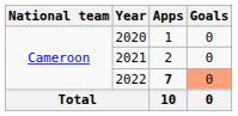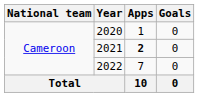 <table class="wikitable" style="text-align:center">
 <tr>
 <th>National team</th>
 <th>Year</th>
 <th>Apps</th>
 <th>Goals</th>
 </tr>
 <tr>
 <td rowspan="3"><a href='#'>Cameroon</a></td>
 <td>2020</td>
 <td>1</td>
 <td>0</td>
 </tr>
 <tr>
 <td>2021</td>
-<td>2</td>
+<td><strong>2</strong></td>
 <td>0</td>
 </tr>
 <tr>
 <td>2022</td>
-<td><strong>7</strong></td>
-<td style="background: lightsalmon;">0</td>
+<td>7</td>
+<td>0</td>
 </tr>
 <tr>
 <th colspan="2">Total</th>
 <th>10</th>
 <th>0</th>
 </tr>
 </table>
